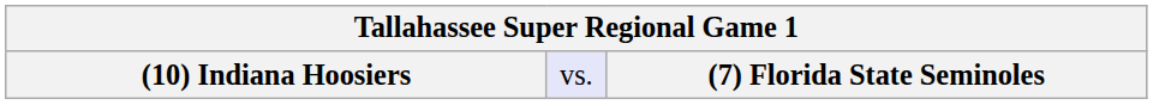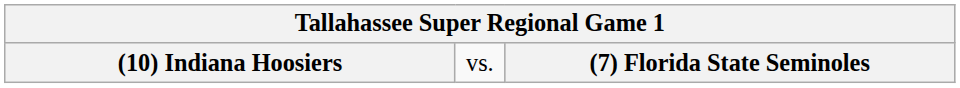 <table class="wikitable">
 <tr>
 <th style="width: 604px;" colspan=3>Tallahassee Super Regional Game 1</th>
 </tr>
 <tr>
 <th style="width: 289px; ">(10) Indiana Hoosiers</th>
-<td style="background: lavender; width: 25px; text-align:center">vs.</td>
+<td style="width: 25px; text-align:center">vs.</td>
 <th style="width: 289px; ">(7) Florida State Seminoles</th>
 </tr>
 </table>
